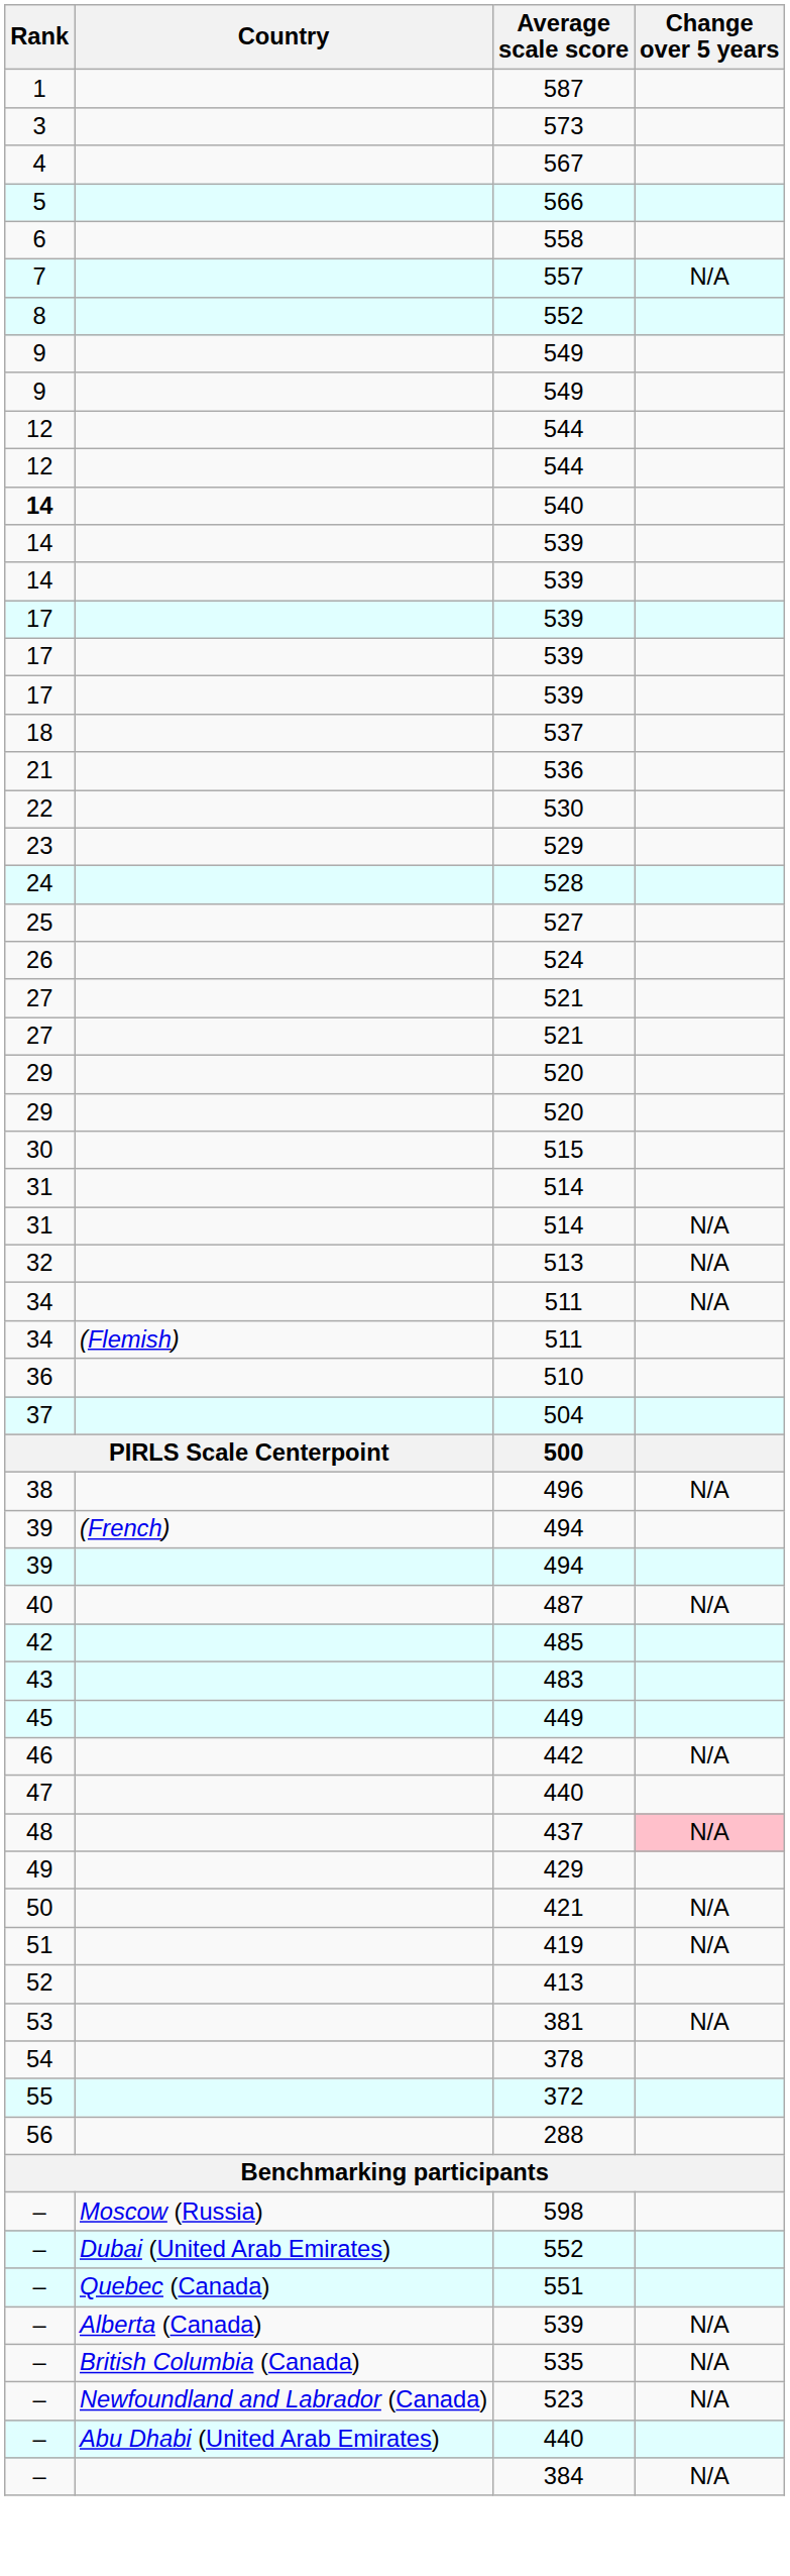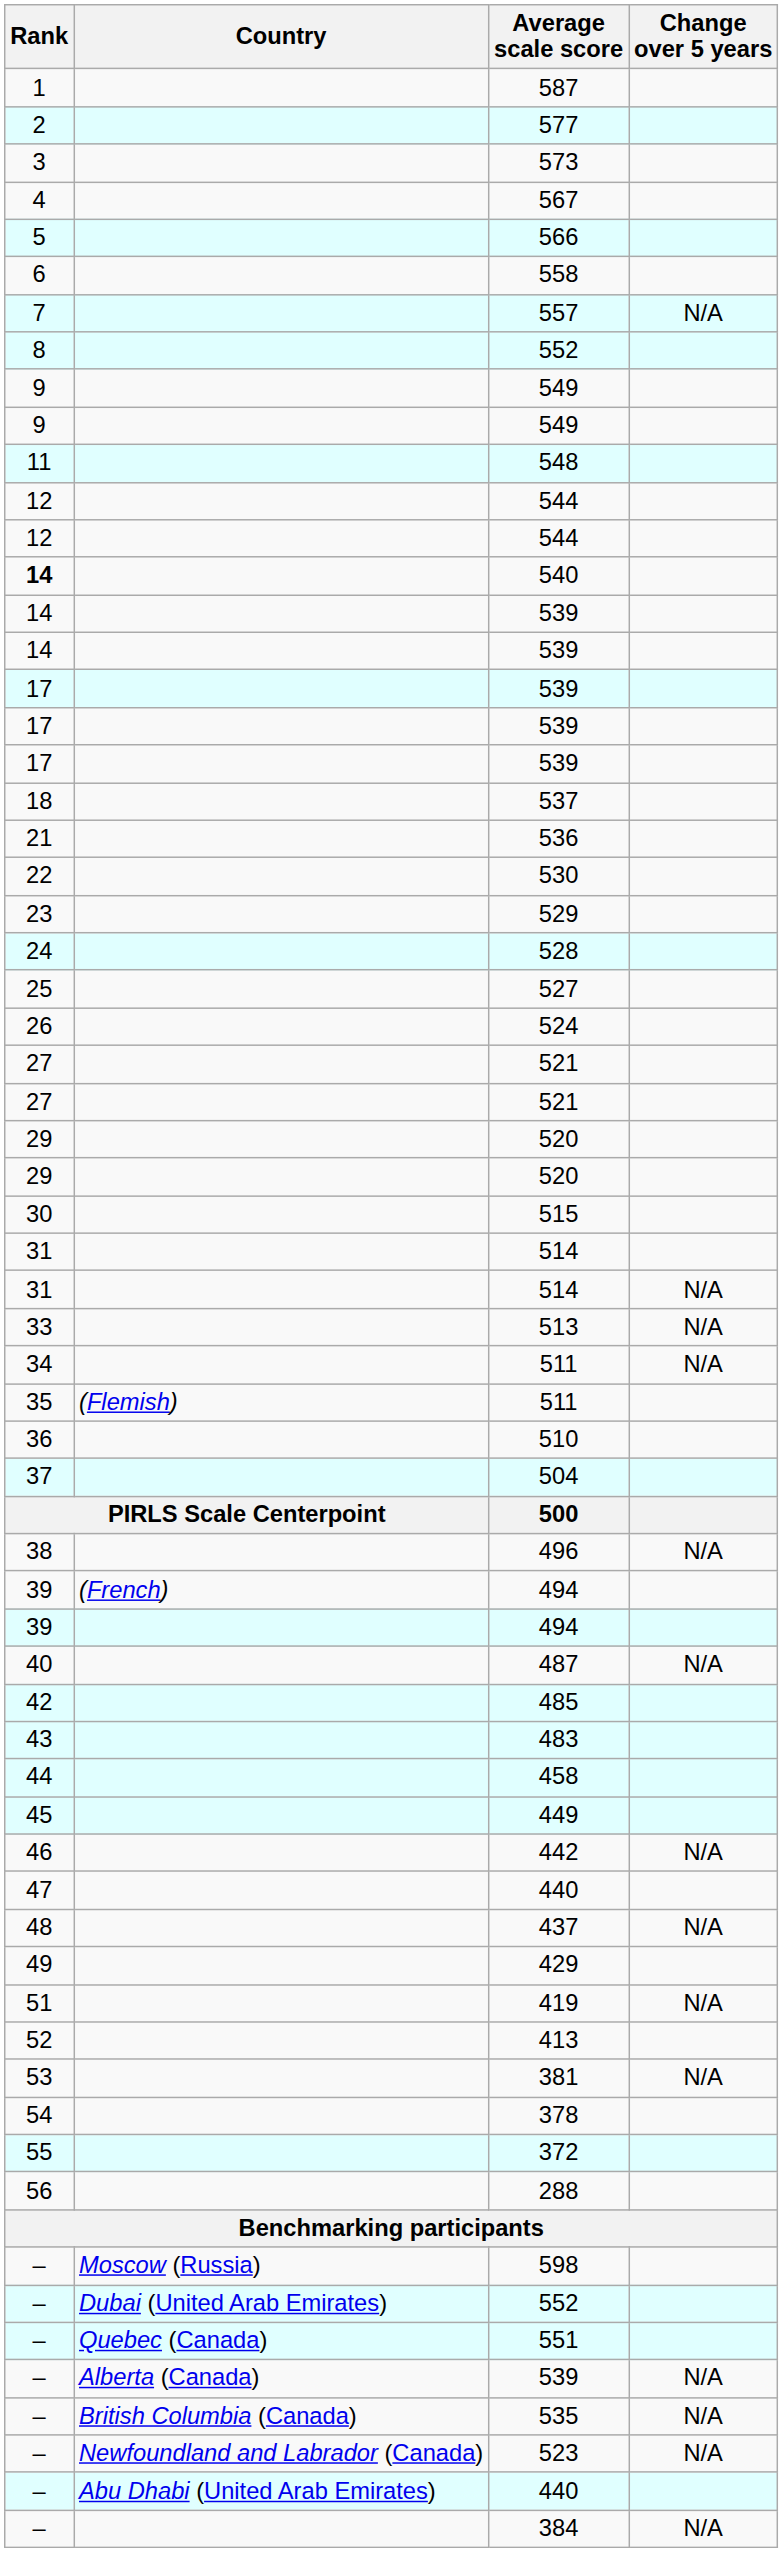 <table class="wikitable sortable" style="text-align:center;">
 <tr>
 <th>Rank</th>
 <th>Country</th>
 <th>Average<br>scale score</th>
 <th>Change<br>over 5 years</th>
 </tr>
 <tr>
 <td>1</td>
 <td style="text-align:left;"></td>
 <td>587</td>
 <td></td>
+</tr>
+<tr>
+<td style="background:#E0FFFF;">2</td>
+<td style="background:#E0FFFF; text-align:left"></td>
+<td style="background:#E0FFFF;">577</td>
+<td style="background:#E0FFFF;"></td>
 </tr>
 <tr>
 <td>3</td>
 <td style="text-align:left;"></td>
 <td>573</td>
 <td></td>
 </tr>
 <tr>
 <td>4</td>
 <td style="text-align:left;"></td>
 <td>567</td>
 <td></td>
 </tr>
 <tr>
 <td style="background:#E0FFFF;">5</td>
 <td style="background:#E0FFFF; text-align:left"></td>
 <td style="background:#E0FFFF;">566</td>
 <td style="background:#E0FFFF;"></td>
 </tr>
 <tr>
 <td>6</td>
 <td style="text-align:left;"></td>
 <td>558</td>
 <td></td>
 </tr>
 <tr>
 <td style="background:#E0FFFF;">7</td>
 <td style="background:#E0FFFF; text-align:left"></td>
 <td style="background:#E0FFFF;">557</td>
 <td style="background:#E0FFFF;">N/A</td>
 </tr>
 <tr>
 <td style="background:#E0FFFF;">8</td>
 <td style="background:#E0FFFF; text-align:left"></td>
 <td style="background:#E0FFFF;">552</td>
 <td style="background:#E0FFFF;"></td>
 </tr>
 <tr>
 <td>9</td>
 <td style="text-align:left;"></td>
 <td>549</td>
 <td></td>
 </tr>
 <tr>
 <td>9</td>
 <td style="text-align:left;"></td>
 <td>549</td>
 <td></td>
+</tr>
+<tr>
+<td style="background:#E0FFFF;">11</td>
+<td style="background:#E0FFFF; text-align:left"></td>
+<td style="background:#E0FFFF;">548</td>
+<td style="background:#E0FFFF;"></td>
 </tr>
 <tr>
 <td>12</td>
 <td style="text-align:left;"></td>
 <td>544</td>
 <td></td>
 </tr>
 <tr>
 <td>12</td>
 <td style="text-align:left;"></td>
 <td>544</td>
 <td></td>
 </tr>
 <tr>
 <td><strong>14</strong></td>
 <td style="text-align:left;"></td>
 <td>540</td>
 <td></td>
 </tr>
 <tr>
 <td>14</td>
 <td style="text-align:left;"></td>
 <td>539</td>
 <td></td>
 </tr>
 <tr>
 <td>14</td>
 <td style="text-align:left;"></td>
 <td>539</td>
 <td></td>
 </tr>
 <tr>
 <td style="background:#E0FFFF;">17</td>
 <td style="background:#E0FFFF; text-align:left"></td>
 <td style="background:#E0FFFF;">539</td>
 <td style="background:#E0FFFF;"></td>
 </tr>
 <tr>
 <td>17</td>
 <td style="text-align:left;"></td>
 <td>539</td>
 <td></td>
 </tr>
 <tr>
 <td>17</td>
 <td style="text-align:left;"></td>
 <td>539</td>
 <td></td>
 </tr>
 <tr>
 <td>18</td>
 <td style="text-align:left;"></td>
 <td>537</td>
 <td></td>
 </tr>
 <tr>
 <td>21</td>
 <td style="text-align:left;"></td>
 <td>536</td>
 <td></td>
 </tr>
 <tr>
 <td>22</td>
 <td style="text-align:left;"></td>
 <td>530</td>
 <td></td>
 </tr>
 <tr>
 <td>23</td>
 <td style="text-align:left;"></td>
 <td>529</td>
 <td></td>
 </tr>
 <tr>
 <td style="background:#E0FFFF;">24</td>
 <td style="background:#E0FFFF; text-align:left"></td>
 <td style="background:#E0FFFF;">528</td>
 <td style="background:#E0FFFF;"></td>
 </tr>
 <tr>
 <td>25</td>
 <td style="text-align:left;"></td>
 <td>527</td>
 <td></td>
 </tr>
 <tr>
 <td>26</td>
 <td style="text-align:left;"></td>
 <td>524</td>
 <td></td>
 </tr>
 <tr>
 <td>27</td>
 <td style="text-align:left;"></td>
 <td>521</td>
 <td></td>
 </tr>
 <tr>
 <td>27</td>
 <td style="text-align:left;"></td>
 <td>521</td>
 <td></td>
 </tr>
 <tr>
 <td>29</td>
 <td style="text-align:left;"></td>
 <td>520</td>
 <td></td>
 </tr>
 <tr>
 <td>29</td>
 <td style="text-align:left;"></td>
 <td>520</td>
 <td></td>
 </tr>
 <tr>
 <td>30</td>
 <td style="text-align:left;"></td>
 <td>515</td>
 <td></td>
 </tr>
 <tr>
 <td>31</td>
 <td style="text-align:left;"></td>
 <td>514</td>
 <td></td>
 </tr>
 <tr>
 <td>31</td>
 <td style="text-align:left;"></td>
 <td>514</td>
 <td>N/A</td>
 </tr>
 <tr>
-<td>32</td>
+<td>33</td>
 <td style="text-align:left;"></td>
 <td>513</td>
 <td>N/A</td>
 </tr>
 <tr>
 <td>34</td>
 <td style="text-align:left;"></td>
 <td>511</td>
 <td>N/A</td>
 </tr>
 <tr>
-<td>34</td>
+<td>35</td>
 <td style="text-align:left;"> <em>(<a href='#'>Flemish</a>)</em></td>
 <td>511</td>
 <td></td>
 </tr>
 <tr>
 <td>36</td>
 <td style="text-align:left;"></td>
 <td>510</td>
 <td></td>
 </tr>
 <tr>
 <td style="background:#E0FFFF;">37</td>
 <td style="background:#E0FFFF; text-align:left"></td>
 <td style="background:#E0FFFF;">504</td>
 <td style="background:#E0FFFF;"></td>
 </tr>
 <tr>
 <th colspan="2">PIRLS Scale Centerpoint</th>
 <th>500</th>
 <th></th>
 </tr>
 <tr>
 <td>38</td>
 <td style="text-align:left;"></td>
 <td>496</td>
 <td>N/A</td>
 </tr>
 <tr>
 <td>39</td>
 <td style="text-align:left;"> <em>(<a href='#'>French</a>)</em></td>
 <td>494</td>
 <td></td>
 </tr>
 <tr>
 <td style="background:#E0FFFF;">39</td>
 <td style="background:#E0FFFF; text-align:left"></td>
 <td style="background:#E0FFFF;">494</td>
 <td style="background:#E0FFFF;"></td>
 </tr>
 <tr>
 <td>40</td>
 <td style="text-align:left;"></td>
 <td>487</td>
 <td>N/A</td>
 </tr>
 <tr>
 <td style="background:#E0FFFF;">42</td>
 <td style="background:#E0FFFF; text-align:left"></td>
 <td style="background:#E0FFFF;">485</td>
 <td style="background:#E0FFFF;"></td>
 </tr>
 <tr>
 <td style="background:#E0FFFF;">43</td>
 <td style="background:#E0FFFF; text-align:left"></td>
 <td style="background:#E0FFFF;">483</td>
 <td style="background:#E0FFFF;"></td>
 </tr>
 <tr>
+<td style="background:#E0FFFF;">44</td>
+<td style="background:#E0FFFF; text-align:left"></td>
+<td style="background:#E0FFFF;">458</td>
+<td style="background:#E0FFFF;"></td>
+</tr>
+<tr>
 <td style="background:#E0FFFF;">45</td>
 <td style="background:#E0FFFF; text-align:left"></td>
 <td style="background:#E0FFFF;">449</td>
 <td style="background:#E0FFFF;"></td>
 </tr>
 <tr>
 <td>46</td>
 <td style="text-align:left;"></td>
 <td>442</td>
 <td>N/A</td>
 </tr>
 <tr>
 <td>47</td>
 <td style="text-align:left;"></td>
 <td>440</td>
 <td></td>
 </tr>
 <tr>
 <td>48</td>
 <td style="text-align:left;"></td>
 <td>437</td>
-<td style="background: pink;">N/A</td>
+<td>N/A</td>
 </tr>
 <tr>
 <td>49</td>
 <td style="text-align:left;"></td>
 <td>429</td>
 <td></td>
-</tr>
-<tr>
-<td>50</td>
-<td style="text-align:left;"></td>
-<td>421</td>
-<td>N/A</td>
 </tr>
 <tr>
 <td>51</td>
 <td style="text-align:left;"></td>
 <td>419</td>
 <td>N/A</td>
 </tr>
 <tr>
 <td>52</td>
 <td style="text-align:left;"></td>
 <td>413</td>
 <td></td>
 </tr>
 <tr>
 <td>53</td>
 <td style="text-align:left;"></td>
 <td>381</td>
 <td>N/A</td>
 </tr>
 <tr>
 <td>54</td>
 <td style="text-align:left;"></td>
 <td>378</td>
 <td></td>
 </tr>
 <tr>
 <td style="background:#E0FFFF;">55</td>
 <td style="background:#E0FFFF; text-align:left"></td>
 <td style="background:#E0FFFF;">372</td>
 <td style="background:#E0FFFF;"></td>
 </tr>
 <tr>
 <td>56</td>
 <td style="text-align:left;"></td>
 <td>288</td>
 <td></td>
 </tr>
 <tr>
 <th colspan="4">Benchmarking participants</th>
 </tr>
 <tr>
 <td>–</td>
 <td style="text-align:left;"> <em><a href='#'>Moscow</a></em> (<a href='#'>Russia</a>)</td>
 <td>598</td>
 <td></td>
 </tr>
 <tr>
 <td style="background:#E0FFFF;">–</td>
 <td style="background:#E0FFFF; text-align:left"> <em><a href='#'>Dubai</a></em> (<a href='#'>United Arab Emirates</a>)</td>
 <td style="background:#E0FFFF;">552</td>
 <td style="background:#E0FFFF;"></td>
 </tr>
 <tr>
 <td style="background:#E0FFFF;">–</td>
 <td style="background:#E0FFFF; text-align:left"> <em><a href='#'>Quebec</a></em> (<a href='#'>Canada</a>)</td>
 <td style="background:#E0FFFF;">551</td>
 <td style="background:#E0FFFF;"></td>
 </tr>
 <tr>
 <td>–</td>
 <td style="text-align:left;"> <em><a href='#'>Alberta</a></em> (<a href='#'>Canada</a>)</td>
 <td>539</td>
 <td>N/A</td>
 </tr>
 <tr>
 <td>–</td>
 <td style="text-align:left;"> <em><a href='#'>British Columbia</a></em> (<a href='#'>Canada</a>)</td>
 <td>535</td>
 <td>N/A</td>
 </tr>
 <tr>
 <td>–</td>
 <td style="text-align:left;"> <em><a href='#'>Newfoundland and Labrador</a></em> (<a href='#'>Canada</a>)</td>
 <td>523</td>
 <td>N/A</td>
 </tr>
 <tr>
 <td style="background:#E0FFFF;">–</td>
 <td style="background:#E0FFFF; text-align:left"> <em><a href='#'>Abu Dhabi</a></em> (<a href='#'>United Arab Emirates</a>)</td>
 <td style="background:#E0FFFF;">440</td>
 <td style="background:#E0FFFF;"></td>
 </tr>
 <tr>
 <td>–</td>
 <td style="text-align:left;"></td>
 <td>384</td>
 <td>N/A</td>
 </tr>
 </table>
